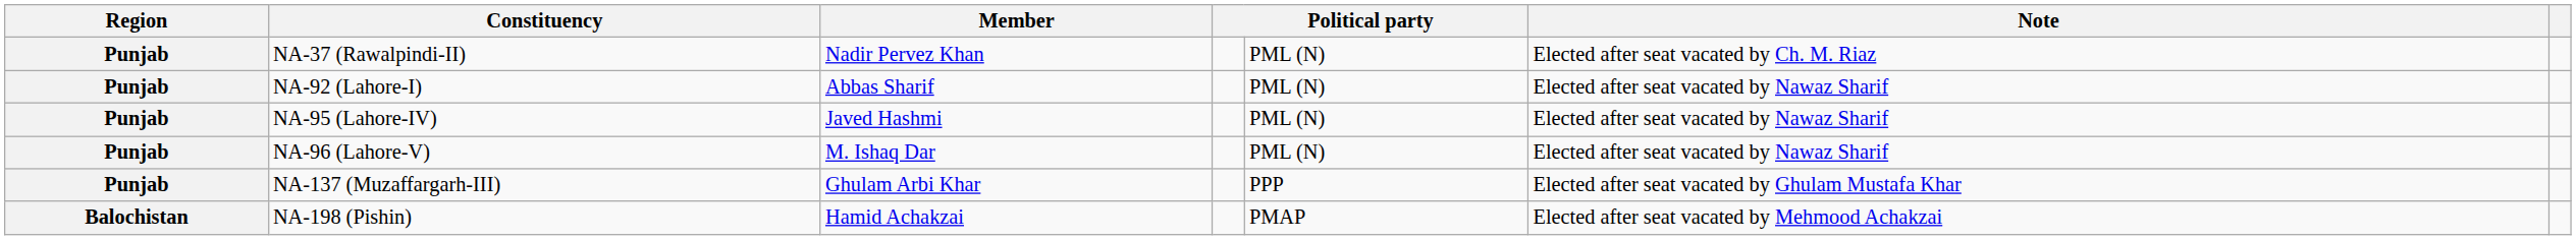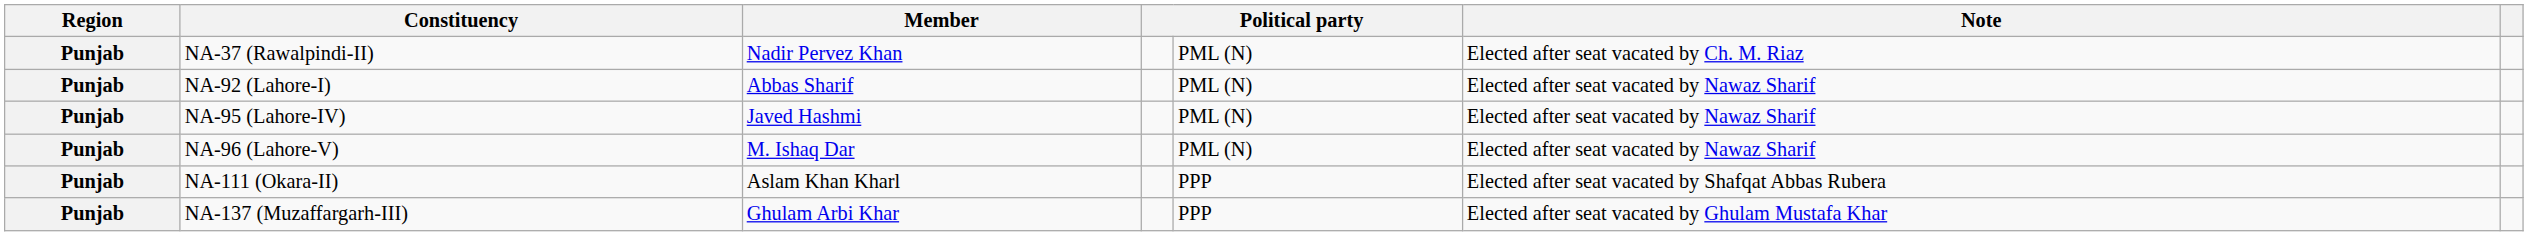 <table class="wikitable" style="width: 100%;">
 <tr>
 <th>Region</th>
 <th class="unsortable">Constituency</th>
 <th class="unsortable">Member</th>
 <th colspan="2">Political party</th>
 <th>Note</th>
 <th class="unsortable"></th>
 </tr>
 <tr |>
 <th>Punjab</th>
 <td>NA-37 (Rawalpindi-II)</td>
 <td><a href='#'>Nadir Pervez Khan</a></td>
 <td style="background-color: "></td>
 <td>PML (N)</td>
 <td>Elected after seat vacated by <a href='#'>Ch. M. Riaz</a></td>
 <td></td>
 </tr>
 <tr |>
 <th>Punjab</th>
 <td>NA-92 (Lahore-I)</td>
 <td><a href='#'>Abbas Sharif</a></td>
 <td style="background-color: "></td>
 <td>PML (N)</td>
 <td>Elected after seat vacated by <a href='#'>Nawaz Sharif</a></td>
 <td></td>
 </tr>
 <tr |>
 <th>Punjab</th>
 <td>NA-95 (Lahore-IV)</td>
 <td><a href='#'>Javed Hashmi</a></td>
 <td style="background-color: "></td>
 <td>PML (N)</td>
 <td>Elected after seat vacated by <a href='#'>Nawaz Sharif</a></td>
 <td></td>
 </tr>
 <tr |>
 <th>Punjab</th>
 <td>NA-96 (Lahore-V)</td>
 <td><a href='#'>M. Ishaq Dar</a></td>
 <td style="background-color: "></td>
 <td>PML (N)</td>
 <td>Elected after seat vacated by <a href='#'>Nawaz Sharif</a></td>
 <td></td>
 </tr>
 <tr |>
 <th>Punjab</th>
+<td>NA-111 (Okara-II)</td>
+<td>Aslam Khan Kharl</td>
+<td style="background-color: "></td>
+<td>PPP</td>
+<td>Elected after seat vacated by Shafqat Abbas Rubera</td>
+<td></td>
+</tr>
+<tr |>
+<th>Punjab</th>
 <td>NA-137 (Muzaffargarh-III)</td>
 <td><a href='#'>Ghulam Arbi Khar</a></td>
 <td style="background-color: "></td>
 <td>PPP</td>
 <td>Elected after seat vacated by <a href='#'>Ghulam Mustafa Khar</a></td>
 <td></td>
 </tr>
-<tr |>
-<th>Balochistan</th>
-<td>NA-198 (Pishin)</td>
-<td><a href='#'>Hamid Achakzai</a></td>
-<td style="background-color: "></td>
-<td>PMAP</td>
-<td>Elected after seat vacated by <a href='#'>Mehmood Achakzai</a></td>
-<td></td>
-</tr>
 </table>
